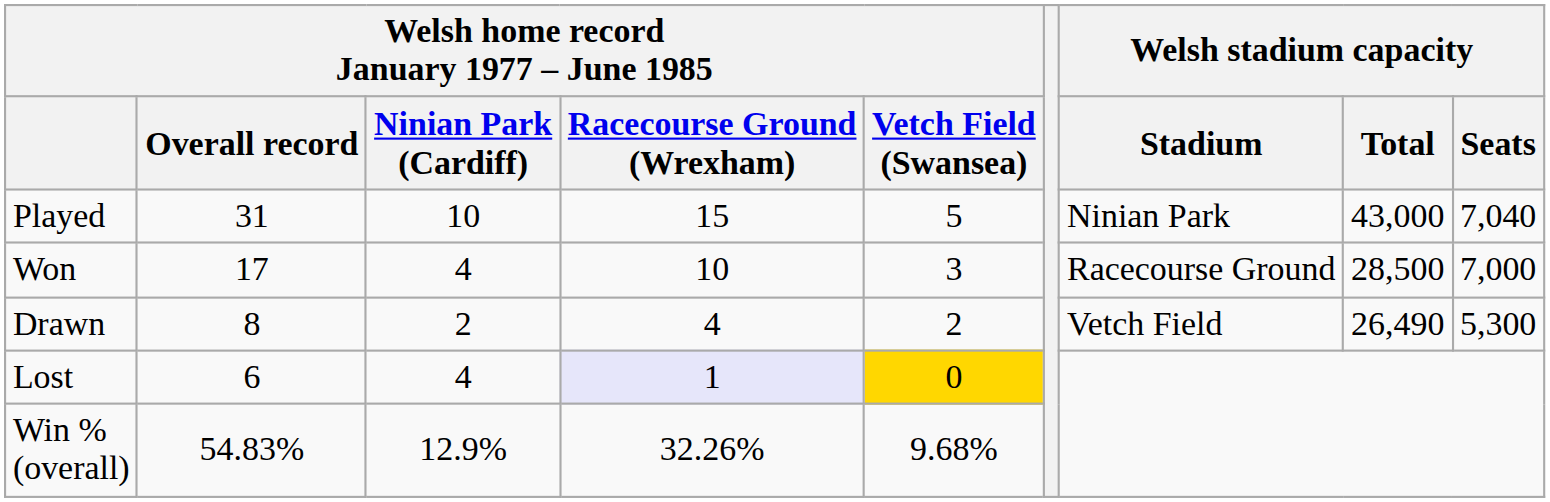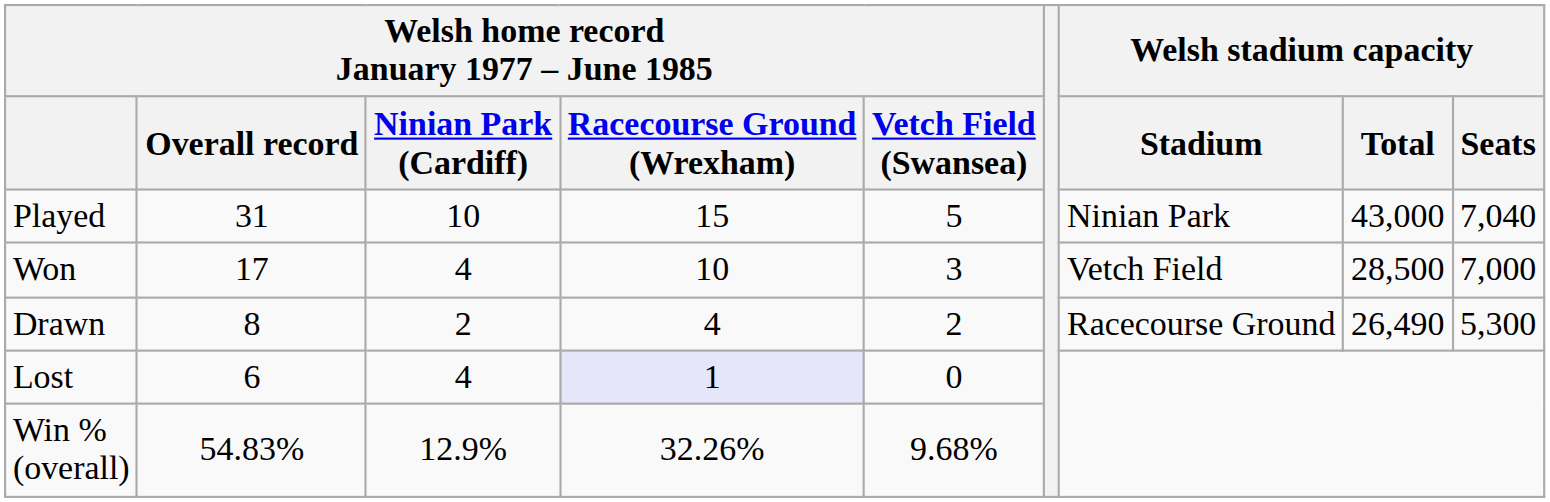 <table class="wikitable">
 <tr>
 <th colspan=5>Welsh home record<br> January 1977 – June 1985</th>
 <th rowspan=7></th>
 <th colspan=3>Welsh stadium capacity</th>
 </tr>
 <tr>
 <th></th>
 <th>Overall record</th>
 <th><a href='#'>Ninian Park</a><br>(Cardiff)</th>
 <th><a href='#'>Racecourse Ground</a><br>(Wrexham)</th>
 <th><a href='#'>Vetch Field</a><br>(Swansea)</th>
 <th>Stadium</th>
 <th>Total</th>
 <th>Seats</th>
 </tr>
 <tr>
 <td>Played</td>
 <td align=center>31</td>
 <td align=center>10</td>
 <td align=center>15</td>
 <td align=center>5</td>
 <td>Ninian Park</td>
 <td>43,000</td>
 <td>7,040</td>
 </tr>
 <tr>
 <td>Won</td>
 <td align=center>17</td>
 <td align=center>4</td>
 <td align=center>10</td>
 <td align=center>3</td>
-<td>Racecourse Ground</td>
+<td>Vetch Field</td>
 <td>28,500</td>
 <td>7,000</td>
 </tr>
 <tr>
 <td>Drawn</td>
 <td align=center>8</td>
 <td align=center>2</td>
 <td align=center>4</td>
 <td align=center>2</td>
-<td>Vetch Field</td>
+<td>Racecourse Ground</td>
 <td>26,490</td>
 <td>5,300</td>
 </tr>
 <tr>
 <td>Lost</td>
 <td align=center>6</td>
 <td align=center>4</td>
 <td align=center style="background: lavender;">1</td>
-<td align=center style="background: gold;">0</td>
+<td align=center>0</td>
 </tr>
 <tr>
 <td>Win %<br>(overall)</td>
 <td align=center>54.83%</td>
 <td align=center>12.9%</td>
 <td align=center>32.26%</td>
 <td align=center>9.68%</td>
 </tr>
 </table>
